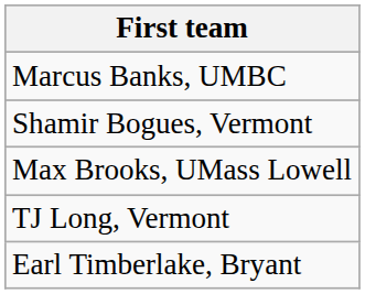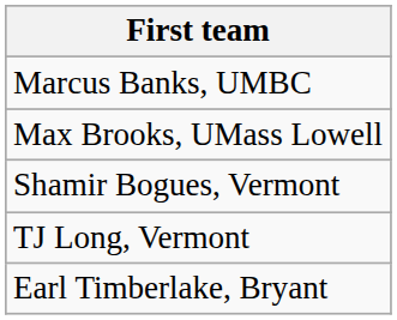 <table class="wikitable">
 <tr>
 <th>First team</th>
 </tr>
 <tr>
 <td>Marcus Banks, UMBC</td>
 </tr>
 <tr>
-<td>Shamir Bogues, Vermont</td>
+<td>Max Brooks, UMass Lowell</td>
 </tr>
 <tr>
-<td>Max Brooks, UMass Lowell</td>
+<td>Shamir Bogues, Vermont</td>
 </tr>
 <tr>
 <td>TJ Long, Vermont</td>
 </tr>
 <tr>
 <td>Earl Timberlake, Bryant</td>
 </tr>
 </table>
